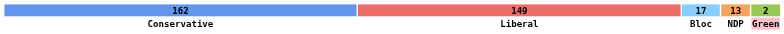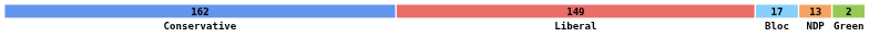 <table style="width:88%; text-align:center; font-weight: bold;">
 <tr style="color:black;">
 <td style="background:#6495ED; width:47.23%;">162</td>
 <td style="background:#EA6D6A; width:43.44%;">149</td>
 <td style="background:#87CEFA; width:04.96%;">17</td>
 <td style="background:#F4A460; width:03.79%;">13</td>
 <td style="background:#99C955; width:00.58%;">2</td>
 </tr>
 <tr>
 <td>Conservative</td>
 <td>Liberal</td>
 <td>Bloc</td>
 <td>NDP</td>
-<td style="background: pink;">Green</td>
+<td>Green</td>
 </tr>
 </table>
